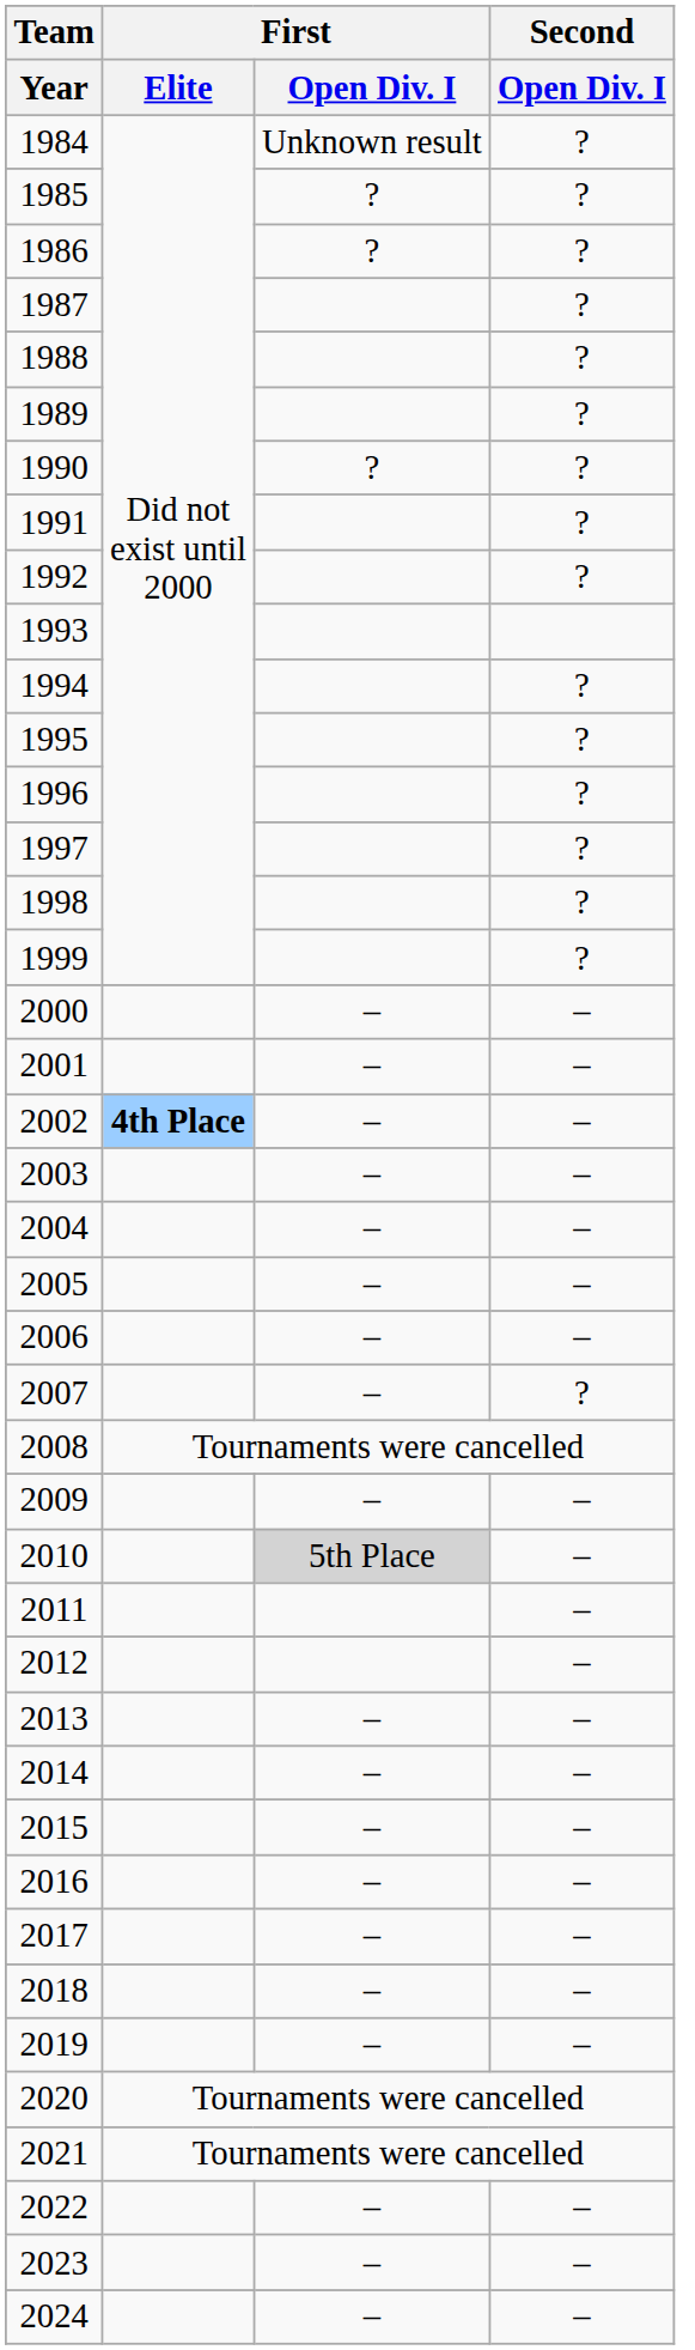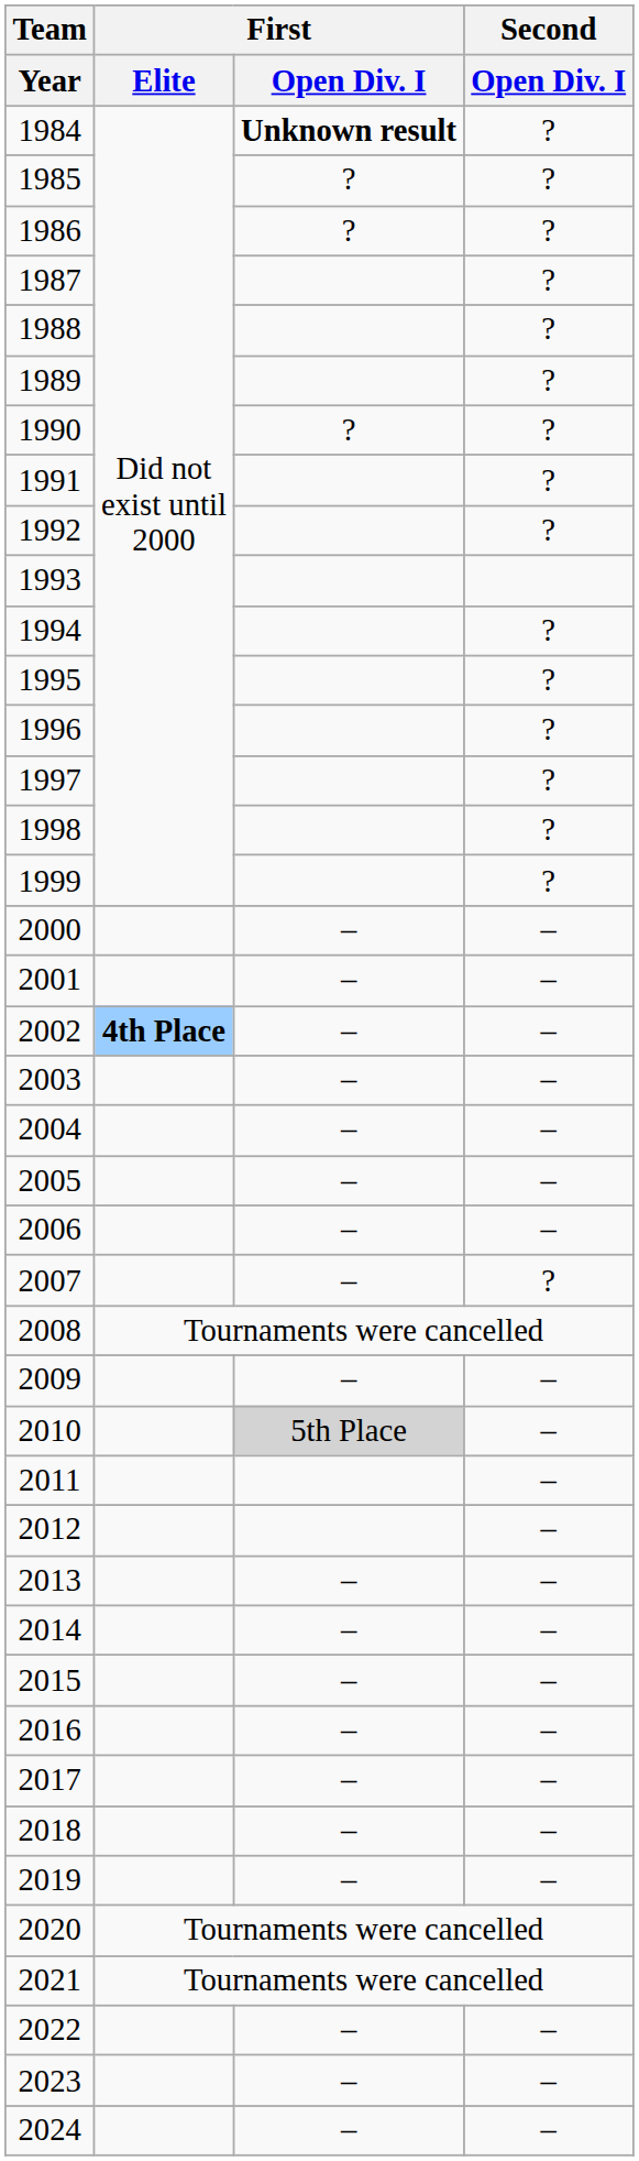 <table class="wikitable sortable" style="text-align:center">
 <tr>
 <th>Team</th>
 <th colspan="2">First</th>
 <th>Second</th>
 </tr>
 <tr>
 <th>Year</th>
 <th><a href='#'>Elite</a></th>
 <th><a href='#'>Open Div. I</a></th>
 <th><a href='#'>Open Div. I</a></th>
 </tr>
 <tr>
 <td>1984</td>
 <td rowspan="16">Did not<br>exist until<br>2000</td>
-<td>Unknown result</td>
+<td><strong>Unknown result</strong></td>
 <td>?</td>
 </tr>
 <tr>
 <td>1985</td>
 <td>?</td>
 <td>?</td>
 </tr>
 <tr>
 <td>1986</td>
 <td>?</td>
 <td>?</td>
 </tr>
 <tr>
 <td>1987</td>
 <td></td>
 <td>?</td>
 </tr>
 <tr>
 <td>1988</td>
 <td></td>
 <td>?</td>
 </tr>
 <tr>
 <td>1989</td>
 <td></td>
 <td>?</td>
 </tr>
 <tr>
 <td>1990</td>
 <td>?</td>
 <td>?</td>
 </tr>
 <tr>
 <td>1991</td>
 <td></td>
 <td>?</td>
 </tr>
 <tr>
 <td>1992</td>
 <td></td>
 <td>?</td>
 </tr>
 <tr>
 <td>1993</td>
 <td></td>
 <td></td>
 </tr>
 <tr>
 <td>1994</td>
 <td></td>
 <td>?</td>
 </tr>
 <tr>
 <td>1995</td>
 <td></td>
 <td>?</td>
 </tr>
 <tr>
 <td>1996</td>
 <td></td>
 <td>?</td>
 </tr>
 <tr>
 <td>1997</td>
 <td></td>
 <td>?</td>
 </tr>
 <tr>
 <td>1998</td>
 <td></td>
 <td>?</td>
 </tr>
 <tr>
 <td>1999</td>
 <td></td>
 <td>?</td>
 </tr>
 <tr>
 <td>2000</td>
 <td></td>
 <td>–</td>
 <td>–</td>
 </tr>
 <tr>
 <td>2001</td>
 <td></td>
 <td>–</td>
 <td>–</td>
 </tr>
 <tr>
 <td>2002</td>
 <td style="background-color:#9acdff"><strong>4th Place</strong></td>
 <td>–</td>
 <td>–</td>
 </tr>
 <tr>
 <td>2003</td>
 <td></td>
 <td>–</td>
 <td>–</td>
 </tr>
 <tr>
 <td>2004</td>
 <td></td>
 <td>–</td>
 <td>–</td>
 </tr>
 <tr>
 <td>2005</td>
 <td></td>
 <td>–</td>
 <td>–</td>
 </tr>
 <tr>
 <td>2006</td>
 <td></td>
 <td>–</td>
 <td>–</td>
 </tr>
 <tr>
 <td>2007</td>
 <td></td>
 <td>–</td>
 <td>?</td>
 </tr>
 <tr>
 <td>2008</td>
 <td colspan="3">Tournaments were cancelled</td>
 </tr>
 <tr>
 <td>2009</td>
 <td></td>
 <td>–</td>
 <td>–</td>
 </tr>
 <tr>
 <td>2010</td>
 <td></td>
 <td style="background: lightgrey;">5th Place</td>
 <td>–</td>
 </tr>
 <tr>
 <td>2011</td>
 <td></td>
 <td></td>
 <td>–</td>
 </tr>
 <tr>
 <td>2012</td>
 <td></td>
 <td></td>
 <td>–</td>
 </tr>
 <tr>
 <td>2013</td>
 <td></td>
 <td>–</td>
 <td>–</td>
 </tr>
 <tr>
 <td>2014</td>
 <td></td>
 <td>–</td>
 <td>–</td>
 </tr>
 <tr>
 <td>2015</td>
 <td></td>
 <td>–</td>
 <td>–</td>
 </tr>
 <tr>
 <td>2016</td>
 <td></td>
 <td>–</td>
 <td>–</td>
 </tr>
 <tr>
 <td>2017</td>
 <td></td>
 <td>–</td>
 <td>–</td>
 </tr>
 <tr>
 <td>2018</td>
 <td></td>
 <td>–</td>
 <td>–</td>
 </tr>
 <tr>
 <td>2019</td>
 <td></td>
 <td>–</td>
 <td>–</td>
 </tr>
 <tr>
 <td>2020</td>
 <td colspan="3">Tournaments were cancelled</td>
 </tr>
 <tr>
 <td>2021</td>
 <td colspan="3">Tournaments were cancelled</td>
 </tr>
 <tr>
 <td>2022</td>
 <td></td>
 <td>–</td>
 <td>–</td>
 </tr>
 <tr>
 <td>2023</td>
 <td></td>
 <td>–</td>
 <td>–</td>
 </tr>
 <tr>
 <td>2024</td>
 <td></td>
 <td>–</td>
 <td>–</td>
 </tr>
 </table>
